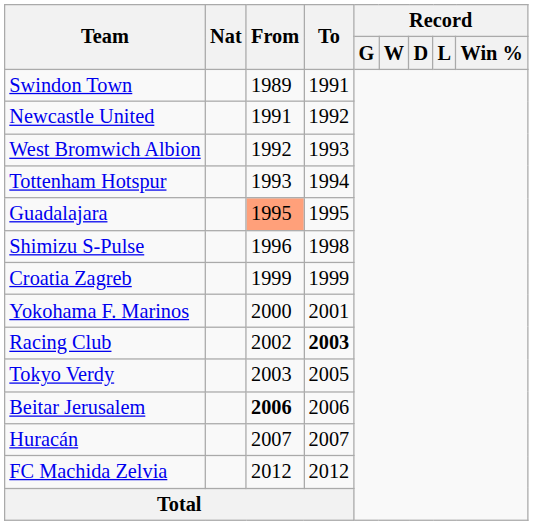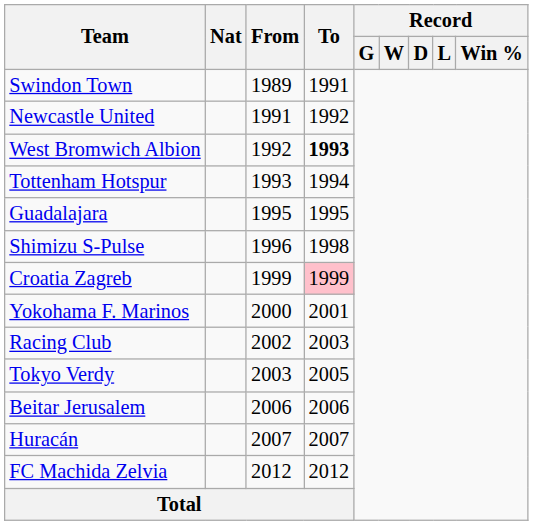 <table class="wikitable" style="text-align: center">
 <tr>
 <th rowspan="2">Team</th>
 <th rowspan="2">Nat</th>
 <th rowspan="2">From</th>
 <th rowspan="2">To</th>
 <th colspan="5">Record</th>
 </tr>
 <tr>
 <th>G</th>
 <th>W</th>
 <th>D</th>
 <th>L</th>
 <th>Win %</th>
 </tr>
 <tr>
 <td align="left"><a href='#'>Swindon Town</a></td>
 <td align="left"></td>
 <td align="left">1989</td>
 <td align="left">1991<br></td>
 </tr>
 <tr>
 <td align="left"><a href='#'>Newcastle United</a></td>
 <td align="left"></td>
 <td align="left">1991</td>
 <td align="left">1992<br></td>
 </tr>
 <tr>
 <td align="left"><a href='#'>West Bromwich Albion</a></td>
 <td align="left"></td>
 <td align="left">1992</td>
-<td align="left">1993<br></td>
+<td align="left"><strong>1993<br></strong></td>
 </tr>
 <tr>
 <td align="left"><a href='#'>Tottenham Hotspur</a></td>
 <td align="left"></td>
 <td align="left">1993</td>
 <td align="left">1994<br></td>
 </tr>
 <tr>
 <td align="left"><a href='#'>Guadalajara</a></td>
 <td align="left"></td>
-<td align="left" style="background: lightsalmon;">1995</td>
+<td align="left">1995</td>
 <td align="left">1995<br></td>
 </tr>
 <tr>
 <td align="left"><a href='#'>Shimizu S-Pulse</a></td>
 <td align="left"></td>
 <td align="left">1996</td>
 <td align="left">1998<br></td>
 </tr>
 <tr>
 <td align="left"><a href='#'>Croatia Zagreb</a></td>
 <td align="left"></td>
 <td align="left">1999</td>
-<td align="left">1999<br></td>
+<td align="left" style="background: pink;">1999<br></td>
 </tr>
 <tr>
 <td align="left"><a href='#'>Yokohama F. Marinos</a></td>
 <td align="left"></td>
 <td align="left">2000</td>
 <td align="left">2001<br></td>
 </tr>
 <tr>
 <td align="left"><a href='#'>Racing Club</a></td>
 <td align="left"></td>
 <td align="left">2002</td>
-<td align="left"><strong>2003<br></strong></td>
+<td align="left">2003<br></td>
 </tr>
 <tr>
 <td align="left"><a href='#'>Tokyo Verdy</a></td>
 <td align="left"></td>
 <td align="left">2003</td>
 <td align="left">2005<br></td>
 </tr>
 <tr>
 <td align="left"><a href='#'>Beitar Jerusalem</a></td>
 <td align="left"></td>
-<td align="left"><strong>2006</strong></td>
+<td align="left">2006</td>
 <td align="left">2006<br></td>
 </tr>
 <tr>
 <td align="left"><a href='#'>Huracán</a></td>
 <td align="left"></td>
 <td align="left">2007</td>
 <td align="left">2007<br></td>
 </tr>
 <tr>
 <td align="left"><a href='#'>FC Machida Zelvia</a></td>
 <td align="left"></td>
 <td align="left">2012</td>
 <td align="left">2012<br></td>
 </tr>
 <tr>
 <th colspan="4">Total<br></th>
 </tr>
 </table>
